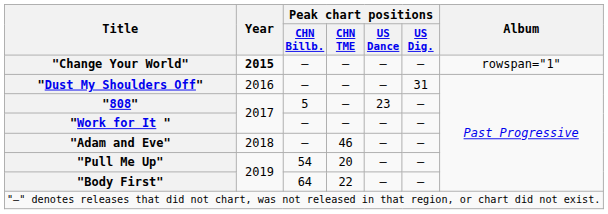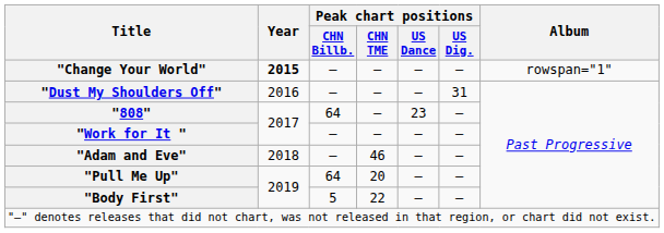 <table class="wikitable plainrowheaders" style="text-align:center;">
 <tr>
 <th rowspan="2" scope="col">Title</th>
 <th rowspan="2" scope="col">Year</th>
 <th colspan="4">Peak chart positions</th>
 <th rowspan="2" scope="col">Album</th>
 </tr>
 <tr>
 <th scope="col" style="width:3em;font-size:90%;"><a href='#'>CHN Billb.</a><br></th>
 <th scope="col" style="width:3em;font-size:90%;"><a href='#'>CHN TME</a><br></th>
 <th scope="col" style="width:3em;font-size:90%;"><a href='#'>US Dance</a><br></th>
 <th scope="col" style="width:3em;font-size:90%;"><a href='#'>US Dig.</a><br></th>
 </tr>
 <tr>
 <th scope="row">"Change Your World" </th>
 <td><strong>2015</strong></td>
 <td>—</td>
 <td>—</td>
 <td>—</td>
 <td>—</td>
 <td>rowspan="1" </td>
 </tr>
 <tr>
 <th scope="row">"<a href='#'>Dust My Shoulders Off</a>"<br></th>
 <td>2016</td>
 <td>—</td>
 <td>—</td>
 <td>—</td>
 <td>31</td>
 <td rowspan="6"><em><a href='#'>Past Progressive</a></em></td>
 </tr>
 <tr>
 <th scope="row">"<a href='#'>808</a>"</th>
 <td rowspan="2">2017</td>
-<td>5</td>
+<td>64</td>
 <td>—</td>
 <td>23</td>
 <td>—</td>
 </tr>
 <tr>
 <th scope="row">"<a href='#'>Work for It</a> "</th>
 <td>—</td>
 <td>—</td>
 <td>—</td>
 <td>—</td>
 </tr>
 <tr>
 <th scope="row">"Adam and Eve"</th>
 <td>2018</td>
 <td>—</td>
 <td>46</td>
 <td>—</td>
 <td>—</td>
 </tr>
 <tr>
 <th scope="row">"Pull Me Up"</th>
 <td rowspan="2">2019</td>
-<td>54</td>
+<td>64</td>
 <td>20</td>
 <td>—</td>
 <td>—</td>
 </tr>
 <tr>
 <th scope="row">"Body First"</th>
-<td>64</td>
+<td>5</td>
 <td>22</td>
 <td>—</td>
 <td>—</td>
 </tr>
 <tr>
 <td colspan="7" style="font-size:85%">"—" denotes releases that did not chart, was not released in that region, or chart did not exist.</td>
 </tr>
 </table>
